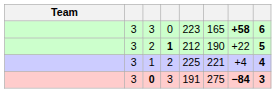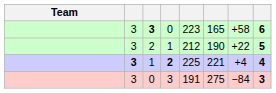 <table class="wikitable" style="text-align: center;">
 <tr>
 <th width="175">Team</th>
 <th width="20"></th>
 <th width="20"></th>
 <th width="20"></th>
 <th width="30"></th>
 <th width="30"></th>
 <th width="30"></th>
 <th width="20"></th>
 </tr>
 <tr bgcolor=ccffcc>
 <td align=left></td>
 <td>3</td>
-<td>3</td>
+<td><strong>3</strong></td>
 <td>0</td>
 <td>223</td>
 <td>165</td>
-<td><strong>+58</strong></td>
+<td>+58</td>
 <td><strong>6</strong></td>
 </tr>
 <tr bgcolor=ccffcc>
 <td align=left></td>
 <td>3</td>
 <td>2</td>
-<td><strong>1</strong></td>
+<td>1</td>
 <td>212</td>
 <td>190</td>
 <td>+22</td>
 <td><strong>5</strong></td>
 </tr>
 <tr bgcolor=ccccff>
 <td align=left></td>
-<td>3</td>
+<td><strong>3</strong></td>
 <td>1</td>
-<td>2</td>
+<td><strong>2</strong></td>
 <td>225</td>
 <td>221</td>
 <td>+4</td>
 <td><strong>4</strong></td>
 </tr>
 <tr bgcolor=ffcccc>
 <td align=left></td>
 <td>3</td>
-<td><strong>0</strong></td>
+<td>0</td>
 <td>3</td>
 <td>191</td>
 <td>275</td>
-<td><strong>−84</strong></td>
+<td>−84</td>
 <td><strong>3</strong></td>
 </tr>
 </table>
